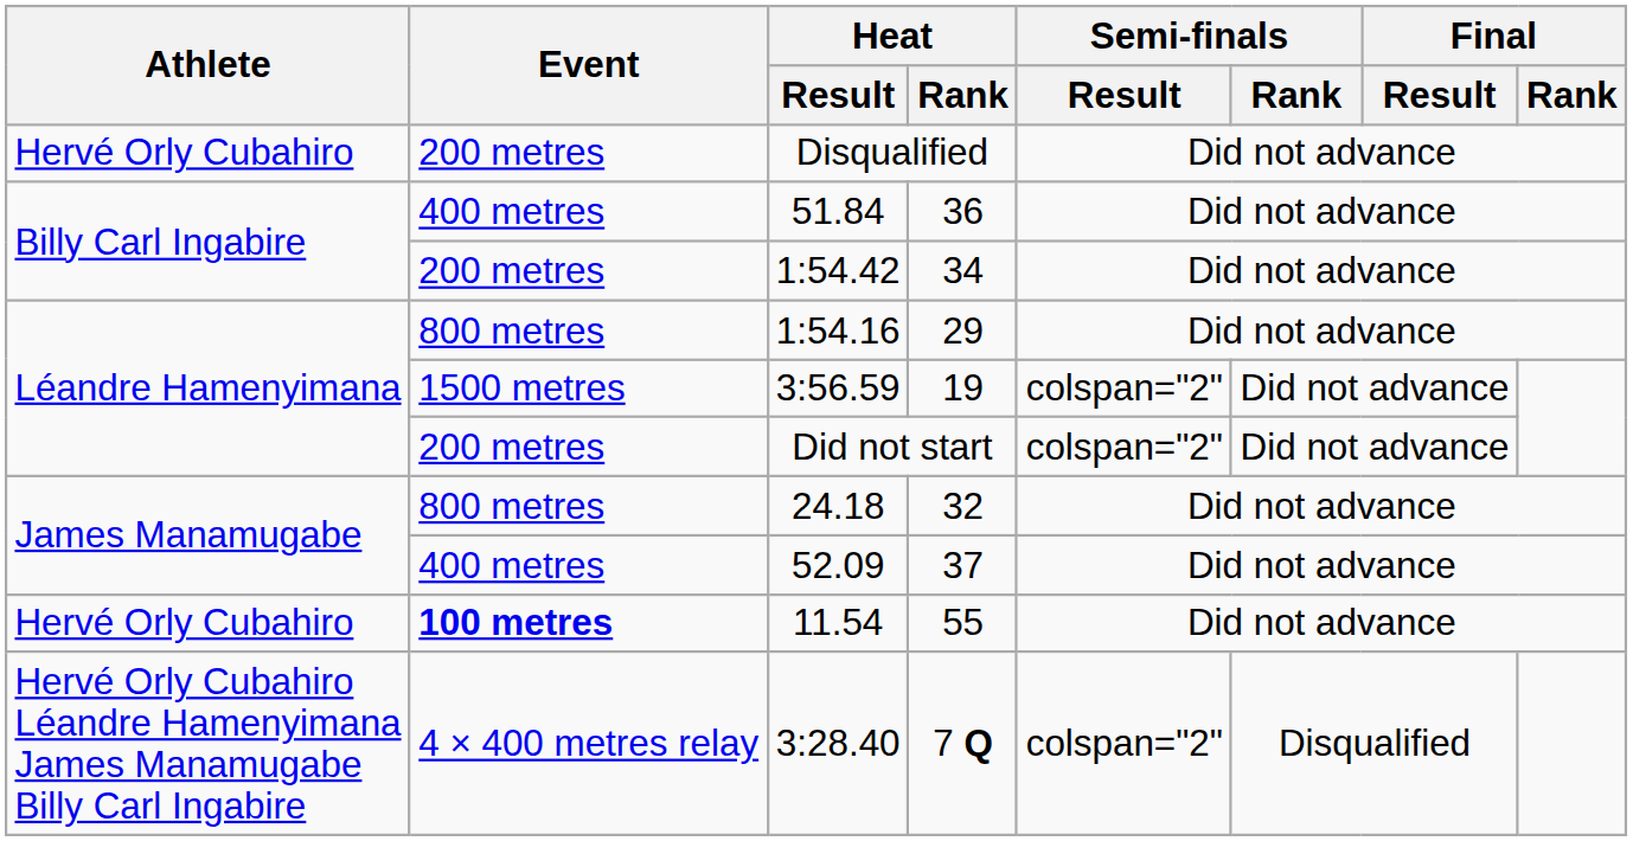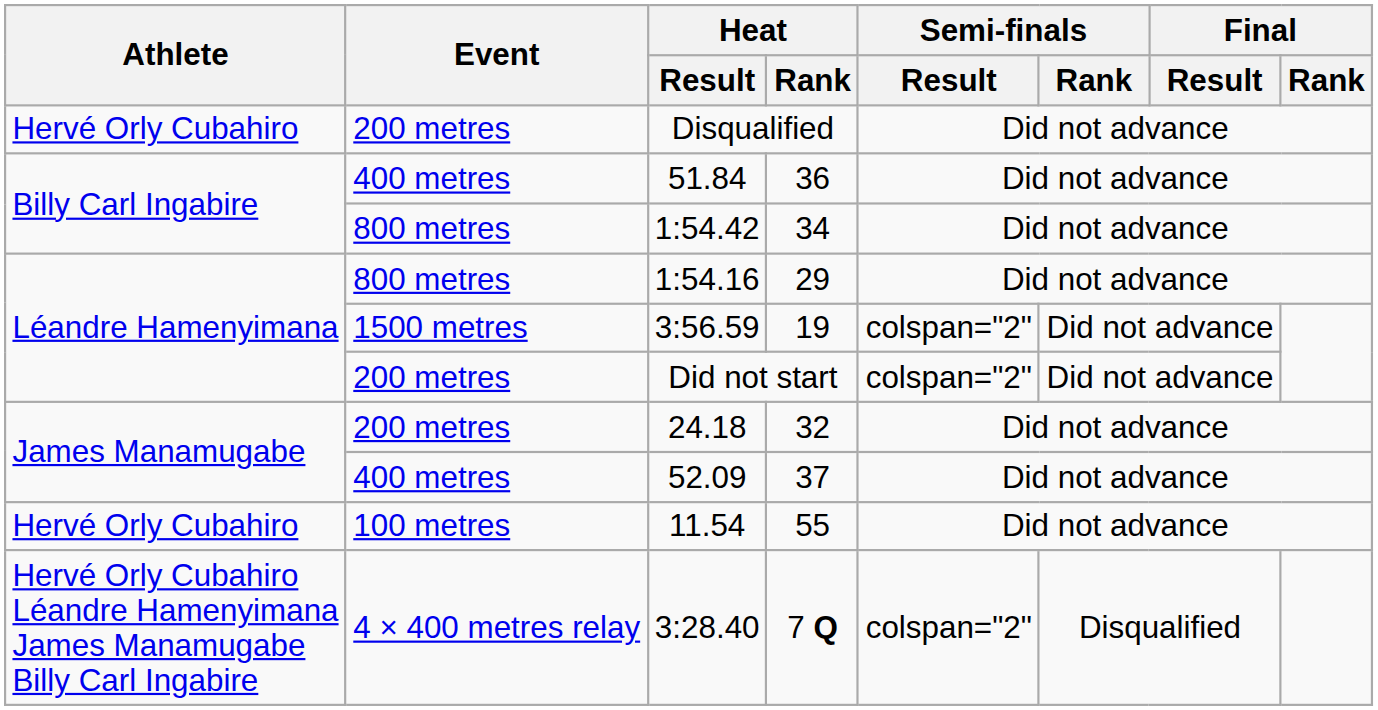 <table class="wikitable" style="font-size:90%; text-align:center">
 <tr>
 <th rowspan="2">Athlete</th>
 <th rowspan="2">Event</th>
 <th colspan="2">Heat</th>
 <th colspan="2">Semi-finals</th>
 <th colspan="2">Final</th>
 </tr>
 <tr>
 <th>Result</th>
 <th>Rank</th>
 <th>Result</th>
 <th>Rank</th>
 <th>Result</th>
 <th>Rank</th>
 </tr>
 <tr>
 <td align="left"><a href='#'>Hervé Orly Cubahiro</a></td>
 <td align="left"><a href='#'>200 metres</a></td>
 <td colspan="2">Disqualified</td>
 <td colspan="4">Did not advance</td>
 </tr>
 <tr>
 <td align="left" rowspan=2><a href='#'>Billy Carl Ingabire</a></td>
 <td align="left"><a href='#'>400 metres</a></td>
 <td>51.84</td>
 <td>36</td>
 <td colspan="4">Did not advance</td>
 </tr>
 <tr>
-<td align="left"><a href='#'>200 metres</a></td>
+<td align="left"><a href='#'>800 metres</a></td>
 <td>1:54.42 </td>
 <td>34</td>
 <td colspan="4">Did not advance</td>
 </tr>
 <tr>
 <td align="left" rowspan=3><a href='#'>Léandre Hamenyimana</a></td>
 <td align="left"><a href='#'>800 metres</a></td>
 <td>1:54.16</td>
 <td>29</td>
 <td colspan="4">Did not advance</td>
 </tr>
 <tr>
 <td align="left"><a href='#'>1500 metres</a></td>
 <td>3:56.59</td>
 <td>19</td>
 <td>colspan="2" </td>
 <td colspan="2">Did not advance</td>
 </tr>
 <tr>
 <td align="left"><a href='#'>200 metres</a></td>
 <td colspan=2>Did not start</td>
 <td>colspan="2" </td>
 <td colspan="2">Did not advance</td>
 </tr>
 <tr>
 <td align="left" rowspan=2><a href='#'>James Manamugabe</a></td>
-<td align="left"><a href='#'>800 metres</a></td>
+<td align="left"><a href='#'>200 metres</a></td>
 <td>24.18</td>
 <td>32</td>
 <td colspan="4">Did not advance</td>
 </tr>
 <tr>
 <td align="left"><a href='#'>400 metres</a></td>
 <td>52.09</td>
 <td>37</td>
 <td colspan="4">Did not advance</td>
 </tr>
 <tr>
 <td align="left"><a href='#'>Hervé Orly Cubahiro</a></td>
-<td align="left"><strong><a href='#'>100 metres</a></strong></td>
+<td align="left"><a href='#'>100 metres</a></td>
 <td>11.54</td>
 <td>55</td>
 <td colspan="4">Did not advance</td>
 </tr>
 <tr>
 <td align="left"><a href='#'>Hervé Orly Cubahiro</a><br><a href='#'>Léandre Hamenyimana</a><br><a href='#'>James Manamugabe</a><br><a href='#'>Billy Carl Ingabire</a></td>
 <td align="left"><a href='#'>4 × 400 metres relay</a></td>
 <td>3:28.40</td>
 <td>7 <strong>Q</strong></td>
 <td>colspan="2" </td>
 <td colspan="2">Disqualified</td>
 </tr>
 </table>
